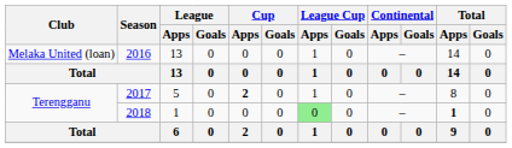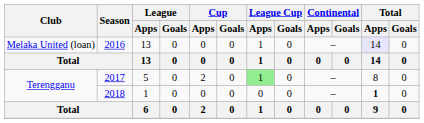 <table class="wikitable" style="text-align:center;">
 <tr>
 <th rowspan="2">Club</th>
 <th rowspan="2">Season</th>
 <th colspan="2">League</th>
 <th colspan="2"><a href='#'>Cup</a></th>
 <th colspan="2"><a href='#'>League Cup</a></th>
 <th colspan="2"><a href='#'>Continental</a></th>
 <th colspan="2">Total</th>
 </tr>
 <tr>
 <th>Apps</th>
 <th>Goals</th>
 <th>Apps</th>
 <th>Goals</th>
 <th>Apps</th>
 <th>Goals</th>
 <th>Apps</th>
 <th>Goals</th>
 <th>Apps</th>
 <th>Goals</th>
 </tr>
 <tr>
 <td><a href='#'>Melaka United</a> (loan)</td>
 <td><a href='#'>2016</a></td>
 <td>13</td>
 <td>0</td>
 <td>0</td>
 <td>0</td>
 <td>1</td>
 <td>0</td>
 <td colspan="2">–</td>
-<td>14</td>
+<td style="background: lavender;">14</td>
 <td>0</td>
 </tr>
 <tr>
 <th colspan="2">Total</th>
 <th>13</th>
 <th>0</th>
 <th>0</th>
 <th>0</th>
 <th>1</th>
 <th>0</th>
 <th>0</th>
 <th>0</th>
 <th>14</th>
 <th>0</th>
 </tr>
 <tr>
 <td rowspan=2><a href='#'>Terengganu</a></td>
 <td><a href='#'>2017</a></td>
 <td>5</td>
 <td>0</td>
-<td><strong>2</strong></td>
+<td>2</td>
 <td>0</td>
-<td>1</td>
+<td style="background: lightgreen;">1</td>
 <td>0</td>
 <td colspan="2">–</td>
 <td>8</td>
 <td>0</td>
 </tr>
 <tr>
 <td><a href='#'>2018</a></td>
 <td>1</td>
 <td>0</td>
 <td>0</td>
 <td>0</td>
-<td style="background: lightgreen;">0</td>
+<td>0</td>
 <td>0</td>
 <td colspan="2">–</td>
 <td><strong>1</strong></td>
 <td>0</td>
 </tr>
 <tr>
 <th colspan="2">Total</th>
 <th>6</th>
 <th>0</th>
 <th>2</th>
 <th>0</th>
 <th>1</th>
 <th>0</th>
 <th>0</th>
 <th>0</th>
 <th>9</th>
 <th>0</th>
 </tr>
 <tr>
 </tr>
 </table>
